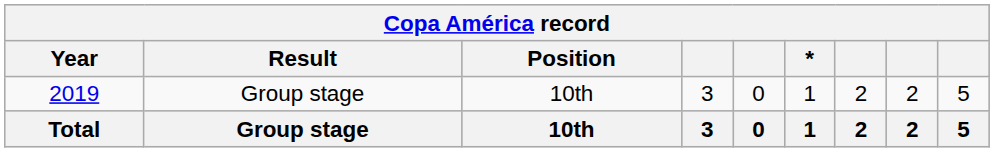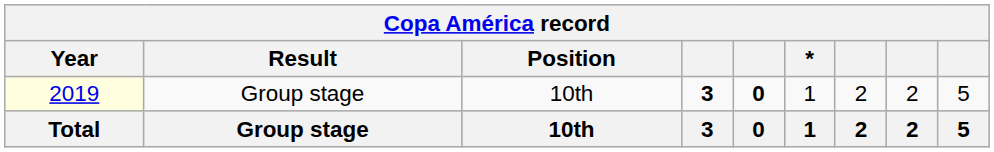 <table class="wikitable" class="wikitable" style="font-size:90%; text-align:center; width:50%">
 <tr>
 <th colspan=9><a href='#'>Copa América</a> record</th>
 </tr>
 <tr>
 <th>Year</th>
 <th>Result</th>
 <th>Position</th>
 <th></th>
 <th></th>
 <th>*</th>
 <th></th>
 <th></th>
 <th></th>
 </tr>
 <tr>
-<td> <a href='#'>2019</a></td>
+<td style="background: lightyellow;"> <a href='#'>2019</a></td>
 <td>Group stage</td>
 <td>10th</td>
-<td>3</td>
-<td>0</td>
+<td><strong>3</strong></td>
+<td><strong>0</strong></td>
 <td>1</td>
 <td>2</td>
 <td>2</td>
 <td>5</td>
 </tr>
 <tr>
 <th>Total</th>
 <th>Group stage</th>
 <th>10th</th>
 <th>3</th>
 <th>0</th>
 <th>1</th>
 <th>2</th>
 <th>2</th>
 <th>5</th>
 </tr>
 </table>
